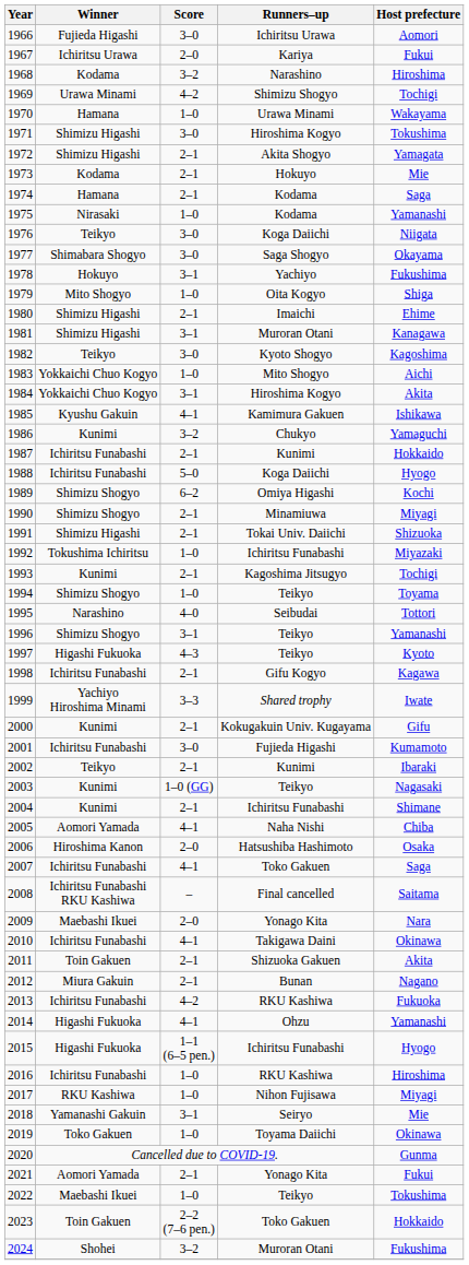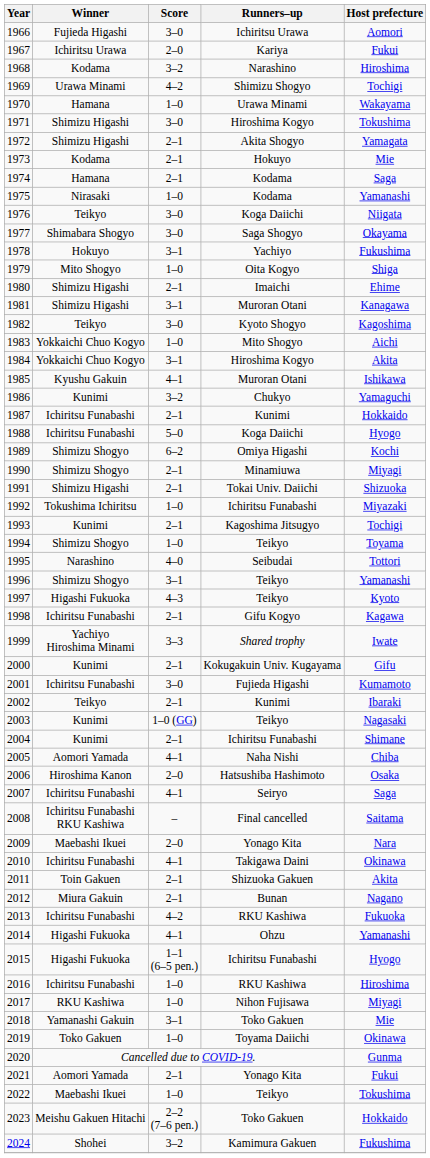 <table class="sortable wikitable" style="text-align: center;">
 <tr>
 <th>Year</th>
 <th>Winner</th>
 <th>Score</th>
 <th>Runners–up</th>
 <th>Host prefecture</th>
 </tr>
 <tr>
 <td>1966</td>
 <td>Fujieda Higashi</td>
 <td>3–0</td>
 <td>Ichiritsu Urawa</td>
 <td><a href='#'>Aomori</a></td>
 </tr>
 <tr>
 <td>1967</td>
 <td>Ichiritsu Urawa</td>
 <td>2–0</td>
 <td>Kariya</td>
 <td><a href='#'>Fukui</a></td>
 </tr>
 <tr>
 <td>1968</td>
 <td>Kodama</td>
 <td>3–2</td>
 <td>Narashino</td>
 <td><a href='#'>Hiroshima</a></td>
 </tr>
 <tr>
 <td>1969</td>
 <td>Urawa Minami</td>
 <td>4–2</td>
 <td>Shimizu Shogyo</td>
 <td><a href='#'>Tochigi</a></td>
 </tr>
 <tr>
 <td>1970</td>
 <td>Hamana</td>
 <td>1–0</td>
 <td>Urawa Minami</td>
 <td><a href='#'>Wakayama</a></td>
 </tr>
 <tr>
 <td>1971</td>
 <td>Shimizu Higashi</td>
 <td>3–0</td>
 <td>Hiroshima Kogyo</td>
 <td><a href='#'>Tokushima</a></td>
 </tr>
 <tr>
 <td>1972</td>
 <td>Shimizu Higashi</td>
 <td>2–1</td>
 <td>Akita Shogyo</td>
 <td><a href='#'>Yamagata</a></td>
 </tr>
 <tr>
 <td>1973</td>
 <td>Kodama</td>
 <td>2–1</td>
 <td>Hokuyo</td>
 <td><a href='#'>Mie</a></td>
 </tr>
 <tr>
 <td>1974</td>
 <td>Hamana</td>
 <td>2–1</td>
 <td>Kodama</td>
 <td><a href='#'>Saga</a></td>
 </tr>
 <tr>
 <td>1975</td>
 <td>Nirasaki</td>
 <td>1–0</td>
 <td>Kodama</td>
 <td><a href='#'>Yamanashi</a></td>
 </tr>
 <tr>
 <td>1976</td>
 <td>Teikyo</td>
 <td>3–0</td>
 <td>Koga Daiichi</td>
 <td><a href='#'>Niigata</a></td>
 </tr>
 <tr>
 <td>1977</td>
 <td>Shimabara Shogyo</td>
 <td>3–0</td>
 <td>Saga Shogyo</td>
 <td><a href='#'>Okayama</a></td>
 </tr>
 <tr>
 <td>1978</td>
 <td>Hokuyo</td>
 <td>3–1</td>
 <td>Yachiyo</td>
 <td><a href='#'>Fukushima</a></td>
 </tr>
 <tr>
 <td>1979</td>
 <td>Mito Shogyo</td>
 <td>1–0</td>
 <td>Oita Kogyo</td>
 <td><a href='#'>Shiga</a></td>
 </tr>
 <tr>
 <td>1980</td>
 <td>Shimizu Higashi</td>
 <td>2–1</td>
 <td>Imaichi</td>
 <td><a href='#'>Ehime</a></td>
 </tr>
 <tr>
 <td>1981</td>
 <td>Shimizu Higashi</td>
 <td>3–1</td>
 <td>Muroran Otani</td>
 <td><a href='#'>Kanagawa</a></td>
 </tr>
 <tr>
 <td>1982</td>
 <td>Teikyo</td>
 <td>3–0</td>
 <td>Kyoto Shogyo</td>
 <td><a href='#'>Kagoshima</a></td>
 </tr>
 <tr>
 <td>1983</td>
 <td>Yokkaichi Chuo Kogyo</td>
 <td>1–0</td>
 <td>Mito Shogyo</td>
 <td><a href='#'>Aichi</a></td>
 </tr>
 <tr>
 <td>1984</td>
 <td>Yokkaichi Chuo Kogyo</td>
 <td>3–1</td>
 <td>Hiroshima Kogyo</td>
 <td><a href='#'>Akita</a></td>
 </tr>
 <tr>
 <td>1985</td>
 <td>Kyushu Gakuin</td>
 <td>4–1</td>
-<td>Kamimura Gakuen</td>
+<td>Muroran Otani</td>
 <td><a href='#'>Ishikawa</a></td>
 </tr>
 <tr>
 <td>1986</td>
 <td>Kunimi</td>
 <td>3–2</td>
 <td>Chukyo</td>
 <td><a href='#'>Yamaguchi</a></td>
 </tr>
 <tr>
 <td>1987</td>
 <td>Ichiritsu Funabashi</td>
 <td>2–1</td>
 <td>Kunimi</td>
 <td><a href='#'>Hokkaido</a></td>
 </tr>
 <tr>
 <td>1988</td>
 <td>Ichiritsu Funabashi</td>
 <td>5–0</td>
 <td>Koga Daiichi</td>
 <td><a href='#'>Hyogo</a></td>
 </tr>
 <tr>
 <td>1989</td>
 <td>Shimizu Shogyo</td>
 <td>6–2</td>
 <td>Omiya Higashi</td>
 <td><a href='#'>Kochi</a></td>
 </tr>
 <tr>
 <td>1990</td>
 <td>Shimizu Shogyo</td>
 <td>2–1</td>
 <td>Minamiuwa</td>
 <td><a href='#'>Miyagi</a></td>
 </tr>
 <tr>
 <td>1991</td>
 <td>Shimizu Higashi</td>
 <td>2–1</td>
 <td>Tokai Univ. Daiichi</td>
 <td><a href='#'>Shizuoka</a></td>
 </tr>
 <tr>
 <td>1992</td>
 <td>Tokushima Ichiritsu</td>
 <td>1–0</td>
 <td>Ichiritsu Funabashi</td>
 <td><a href='#'>Miyazaki</a></td>
 </tr>
 <tr>
 <td>1993</td>
 <td>Kunimi</td>
 <td>2–1</td>
 <td>Kagoshima Jitsugyo</td>
 <td><a href='#'>Tochigi</a></td>
 </tr>
 <tr>
 <td>1994</td>
 <td>Shimizu Shogyo</td>
 <td>1–0</td>
 <td>Teikyo</td>
 <td><a href='#'>Toyama</a></td>
 </tr>
 <tr>
 <td>1995</td>
 <td>Narashino</td>
 <td>4–0</td>
 <td>Seibudai</td>
 <td><a href='#'>Tottori</a></td>
 </tr>
 <tr>
 <td>1996</td>
 <td>Shimizu Shogyo</td>
 <td>3–1</td>
 <td>Teikyo</td>
 <td><a href='#'>Yamanashi</a></td>
 </tr>
 <tr>
 <td>1997</td>
 <td>Higashi Fukuoka</td>
 <td>4–3</td>
 <td>Teikyo</td>
 <td><a href='#'>Kyoto</a></td>
 </tr>
 <tr>
 <td>1998</td>
 <td>Ichiritsu Funabashi</td>
 <td>2–1</td>
 <td>Gifu Kogyo</td>
 <td><a href='#'>Kagawa</a></td>
 </tr>
 <tr>
 <td>1999</td>
 <td>Yachiyo<br>Hiroshima Minami</td>
 <td>3–3</td>
 <td><em>Shared trophy</em></td>
 <td><a href='#'>Iwate</a></td>
 </tr>
 <tr>
 <td>2000</td>
 <td>Kunimi</td>
 <td>2–1</td>
 <td>Kokugakuin Univ. Kugayama</td>
 <td><a href='#'>Gifu</a></td>
 </tr>
 <tr>
 <td>2001</td>
 <td>Ichiritsu Funabashi</td>
 <td>3–0</td>
 <td>Fujieda Higashi</td>
 <td><a href='#'>Kumamoto</a></td>
 </tr>
 <tr>
 <td>2002</td>
 <td>Teikyo</td>
 <td>2–1</td>
 <td>Kunimi</td>
 <td><a href='#'>Ibaraki</a></td>
 </tr>
 <tr>
 <td>2003</td>
 <td>Kunimi</td>
 <td>1–0 (<a href='#'>GG</a>)</td>
 <td>Teikyo</td>
 <td><a href='#'>Nagasaki</a></td>
 </tr>
 <tr>
 <td>2004</td>
 <td>Kunimi</td>
 <td>2–1</td>
 <td>Ichiritsu Funabashi</td>
 <td><a href='#'>Shimane</a></td>
 </tr>
 <tr>
 <td>2005</td>
 <td>Aomori Yamada</td>
 <td>4–1</td>
 <td>Naha Nishi</td>
 <td><a href='#'>Chiba</a></td>
 </tr>
 <tr>
 <td>2006</td>
 <td>Hiroshima Kanon</td>
 <td>2–0</td>
 <td>Hatsushiba Hashimoto</td>
 <td><a href='#'>Osaka</a></td>
 </tr>
 <tr>
 <td>2007</td>
 <td>Ichiritsu Funabashi</td>
 <td>4–1</td>
-<td>Toko Gakuen</td>
+<td>Seiryo</td>
 <td><a href='#'>Saga</a></td>
 </tr>
 <tr>
 <td>2008</td>
 <td>Ichiritsu Funabashi<br>RKU Kashiwa</td>
 <td>–</td>
 <td>Final cancelled</td>
 <td><a href='#'>Saitama</a></td>
 </tr>
 <tr>
 <td>2009</td>
 <td>Maebashi Ikuei</td>
 <td>2–0</td>
 <td>Yonago Kita</td>
 <td><a href='#'>Nara</a></td>
 </tr>
 <tr>
 <td>2010</td>
 <td>Ichiritsu Funabashi</td>
 <td>4–1</td>
 <td>Takigawa Daini</td>
 <td><a href='#'>Okinawa</a></td>
 </tr>
 <tr>
 <td>2011</td>
 <td>Toin Gakuen</td>
 <td>2–1</td>
 <td>Shizuoka Gakuen</td>
 <td><a href='#'>Akita</a></td>
 </tr>
 <tr>
 <td>2012</td>
 <td>Miura Gakuin</td>
 <td>2–1</td>
 <td>Bunan</td>
 <td><a href='#'>Nagano</a></td>
 </tr>
 <tr>
 <td>2013</td>
 <td>Ichiritsu Funabashi</td>
 <td>4–2</td>
 <td>RKU Kashiwa</td>
 <td><a href='#'>Fukuoka</a></td>
 </tr>
 <tr>
 <td>2014</td>
 <td>Higashi Fukuoka</td>
 <td>4–1 </td>
 <td>Ohzu</td>
 <td><a href='#'>Yamanashi</a></td>
 </tr>
 <tr>
 <td>2015</td>
 <td>Higashi Fukuoka</td>
 <td>1–1 <br>(6–5 pen.)</td>
 <td>Ichiritsu Funabashi</td>
 <td><a href='#'>Hyogo</a></td>
 </tr>
 <tr>
 <td>2016</td>
 <td>Ichiritsu Funabashi</td>
 <td>1–0</td>
 <td>RKU Kashiwa</td>
 <td><a href='#'>Hiroshima</a></td>
 </tr>
 <tr>
 <td>2017</td>
 <td>RKU Kashiwa</td>
 <td>1–0</td>
 <td>Nihon Fujisawa</td>
 <td><a href='#'>Miyagi</a></td>
 </tr>
 <tr>
 <td>2018</td>
 <td>Yamanashi Gakuin</td>
 <td>3–1</td>
-<td>Seiryo</td>
+<td>Toko Gakuen</td>
 <td><a href='#'>Mie</a></td>
 </tr>
 <tr>
 <td>2019</td>
 <td>Toko Gakuen</td>
 <td>1–0</td>
 <td>Toyama Daiichi</td>
 <td><a href='#'>Okinawa</a></td>
 </tr>
 <tr>
 <td>2020</td>
 <td align-text="center" colspan="3"><em>Cancelled due to <a href='#'>COVID-19</a>.</em></td>
 <td><a href='#'>Gunma</a></td>
 </tr>
 <tr>
 <td>2021</td>
 <td>Aomori Yamada</td>
 <td>2–1 </td>
 <td>Yonago Kita</td>
 <td><a href='#'>Fukui</a></td>
 </tr>
 <tr>
 <td>2022</td>
 <td>Maebashi Ikuei</td>
 <td>1–0</td>
 <td>Teikyo</td>
 <td><a href='#'>Tokushima</a></td>
 </tr>
 <tr>
 <td>2023</td>
-<td>Toin Gakuen</td>
+<td>Meishu Gakuen Hitachi</td>
 <td>2–2 <br>(7–6 pen.)</td>
 <td>Toko Gakuen</td>
 <td><a href='#'>Hokkaido</a></td>
 </tr>
 <tr>
 <td><a href='#'>2024</a></td>
 <td>Shohei</td>
 <td>3–2</td>
-<td>Muroran Otani</td>
+<td>Kamimura Gakuen</td>
 <td><a href='#'>Fukushima</a></td>
 </tr>
 <tr>
 </tr>
 </table>
